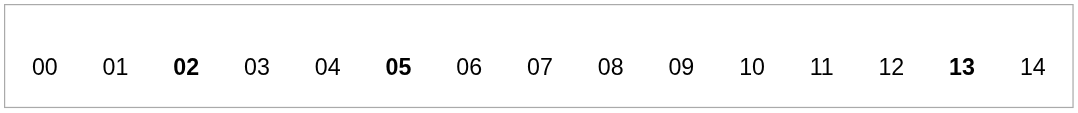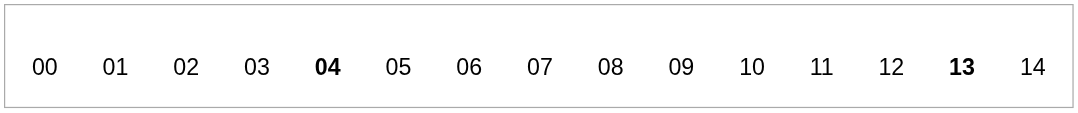 <table Cellpadding="10" CellSpacing="5" border=0 style="width:100%; font-size:120%; border:1px solid #AAAAAA; padding:1px">
 <tr valign="bottom">
 <td></td>
 <td></td>
 <td></td>
 <td></td>
 <td></td>
 <td></td>
 <td></td>
 <td></td>
 <td></td>
 <td></td>
 <td></td>
 <td></td>
 <td></td>
 <td></td>
 </tr>
 <tr align=center style="font-size:100%;">
 <td>00</td>
 <td>01</td>
-<td><strong>02</strong></td>
+<td>02</td>
 <td>03</td>
-<td>04</td>
-<td><strong>05</strong></td>
+<td><strong>04</strong></td>
+<td>05</td>
 <td>06</td>
 <td>07</td>
 <td>08</td>
 <td>09</td>
 <td>10</td>
 <td>11</td>
 <td>12</td>
 <td><strong>13</strong></td>
 <td>14</td>
 </tr>
 <tr>
 </tr>
 </table>
